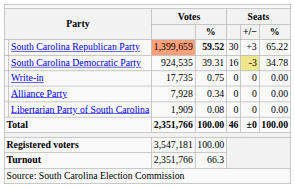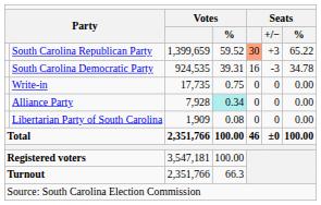 <table class="wikitable">
 <tr>
 <td colspan="7"></td>
 </tr>
 <tr>
 <th colspan="2" rowspan="2">Party</th>
 <th colspan="2">Votes</th>
 <th colspan="3">Seats</th>
 </tr>
 <tr>
 <th></th>
 <th>%</th>
 <th></th>
 <th>+/−</th>
 <th>%</th>
 </tr>
 <tr>
 <td style="background-color:"></td>
 <td><a href='#'>South Carolina Republican Party</a></td>
-<td align="right" style="background: lightsalmon;">1,399,659</td>
-<td align="right"><strong>59.52</strong></td>
-<td align="right">30</td>
+<td align="right">1,399,659</td>
+<td align="right">59.52</td>
+<td align="right" style="background: lightsalmon;">30</td>
 <td align="right">+3</td>
 <td align="right">65.22</td>
 </tr>
 <tr>
 <td style="background-color:"></td>
 <td><a href='#'>South Carolina Democratic Party</a></td>
 <td align="right">924,535</td>
 <td align="right">39.31</td>
 <td align="right">16</td>
-<td align="right" style="background: khaki;">-3</td>
+<td align="right">-3</td>
 <td align="right">34.78</td>
 </tr>
 <tr>
 <td style="background-color:"></td>
 <td><a href='#'>Write-in</a></td>
 <td align="right">17,735</td>
 <td align="right">0.75</td>
 <td align="right">0</td>
 <td align="right">0</td>
 <td align="right">0.00</td>
 </tr>
 <tr>
 <td style="background-color:"></td>
 <td><a href='#'>Alliance Party</a></td>
 <td align="right">7,928</td>
-<td align="right">0.34</td>
+<td align="right" style="background: paleturquoise;">0.34</td>
 <td align="right">0</td>
 <td align="right">0</td>
 <td align="right">0.00</td>
 </tr>
 <tr>
 <td style="background-color:"></td>
 <td><a href='#'>Libertarian Party of South Carolina</a></td>
 <td align="right">1,909</td>
 <td align="right">0.08</td>
 <td align="right">0</td>
 <td align="right">0</td>
 <td align="right">0.00</td>
 </tr>
 <tr>
 <td colspan="2"><strong>Total</strong></td>
 <td align="right"><strong>2,351,766</strong></td>
 <td align="right"><strong>100.00</strong></td>
 <td align="right"><strong>46</strong></td>
 <td align="right"><strong>±0</strong></td>
 <td align="right"><strong>100.00</strong></td>
 </tr>
 <tr>
 <th colspan="7"></th>
 </tr>
 <tr>
 <td colspan="2"><strong>Registered voters</strong></td>
 <td align="right">3,547,181</td>
 <td align="right">100.00</td>
 <th colspan="3" rowspan="2"></th>
 </tr>
 <tr>
 <td colspan="2"><strong>Turnout</strong></td>
 <td align="right">2,351,766</td>
 <td align="right">66.3</td>
 </tr>
 <tr>
 <td colspan="7">Source: South Carolina Election Commission</td>
 </tr>
 </table>
